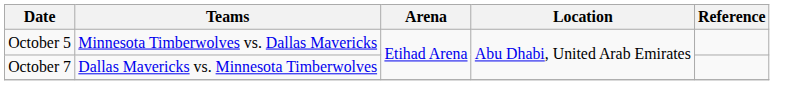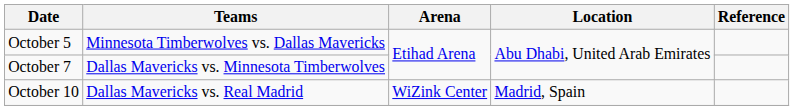 <table class="wikitable">
 <tr>
 <th>Date</th>
 <th>Teams</th>
 <th>Arena</th>
 <th>Location</th>
 <th>Reference</th>
 </tr>
 <tr>
 <td>October 5</td>
 <td><a href='#'>Minnesota Timberwolves</a> vs. <a href='#'>Dallas Mavericks</a></td>
 <td rowspan=2><a href='#'>Etihad Arena</a></td>
 <td rowspan=2><a href='#'>Abu Dhabi</a>, United Arab Emirates</td>
 <td></td>
 </tr>
 <tr>
 <td>October 7</td>
 <td><a href='#'>Dallas Mavericks</a> vs. <a href='#'>Minnesota Timberwolves</a></td>
 <td></td>
 </tr>
 <tr>
+<td>October 10</td>
+<td><a href='#'>Dallas Mavericks</a> vs. <a href='#'>Real Madrid</a></td>
+<td><a href='#'>WiZink Center</a></td>
+<td><a href='#'>Madrid</a>, Spain</td>
+<td></td>
+</tr>
+<tr>
 </tr>
 </table>
